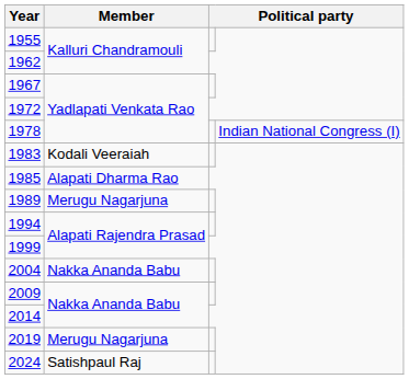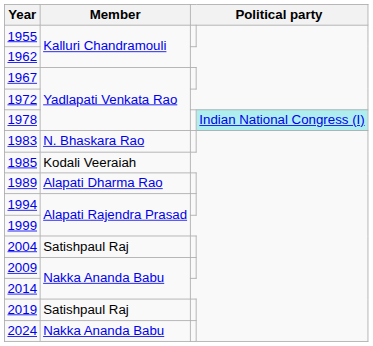 <table class="wikitable sortable">
 <tr>
 <th>Year</th>
 <th>Member</th>
 <th colspan="2">Political party</th>
 </tr>
 <tr>
 <td><a href='#'>1955</a></td>
 <td rowspan=2><a href='#'>Kalluri Chandramouli</a></td>
 <td></td>
 </tr>
 <tr>
 <td><a href='#'>1962</a></td>
 </tr>
 <tr>
 <td><a href='#'>1967</a></td>
 <td rowspan=3><a href='#'>Yadlapati Venkata Rao</a></td>
 <td></td>
 </tr>
 <tr>
 <td><a href='#'>1972</a></td>
 </tr>
 <tr>
 <td><a href='#'>1978</a></td>
 <td style="background-color: "></td>
-<td><a href='#'>Indian National Congress (I)</a></td>
+<td style="background: paleturquoise;"><a href='#'>Indian National Congress (I)</a></td>
 </tr>
 <tr>
 <td><a href='#'>1983</a></td>
-<td>Kodali Veeraiah</td>
+<td><a href='#'>N. Bhaskara Rao</a></td>
 <td></td>
 </tr>
 <tr>
 <td><a href='#'>1985</a></td>
-<td><a href='#'>Alapati Dharma Rao</a></td>
+<td>Kodali Veeraiah</td>
 </tr>
 <tr>
 <td><a href='#'>1989</a></td>
-<td><a href='#'>Merugu Nagarjuna</a></td>
+<td><a href='#'>Alapati Dharma Rao</a></td>
 <td></td>
 </tr>
 <tr>
 <td><a href='#'>1994</a></td>
 <td rowspan=2><a href='#'>Alapati Rajendra Prasad</a></td>
 <td></td>
 </tr>
 <tr>
 <td><a href='#'>1999</a></td>
 </tr>
 <tr>
 <td><a href='#'>2004</a></td>
-<td><a href='#'>Nakka Ananda Babu</a></td>
+<td>Satishpaul Raj</td>
 <td></td>
 </tr>
 <tr>
 <td><a href='#'>2009</a></td>
 <td rowspan=2><a href='#'>Nakka Ananda Babu</a></td>
 <td></td>
 </tr>
 <tr>
 <td><a href='#'>2014</a></td>
 </tr>
 <tr>
 <td><a href='#'>2019</a></td>
-<td><a href='#'>Merugu Nagarjuna</a></td>
+<td>Satishpaul Raj</td>
 <td></td>
 </tr>
 <tr>
 <td><a href='#'>2024</a></td>
-<td>Satishpaul Raj</td>
+<td><a href='#'>Nakka Ananda Babu</a></td>
 <td></td>
 </tr>
 </table>
